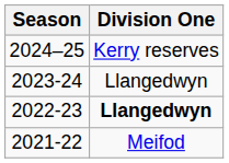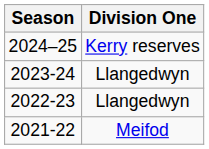 <table class="wikitable" style="text-align: center">
 <tr>
 <th>Season</th>
 <th>Division One</th>
 </tr>
 <tr>
 <td>2024–25</td>
 <td><a href='#'>Kerry</a> reserves</td>
 </tr>
 <tr>
 <td>2023-24</td>
 <td>Llangedwyn</td>
 </tr>
 <tr>
 <td>2022-23</td>
-<td><strong>Llangedwyn</strong></td>
+<td>Llangedwyn</td>
 </tr>
 <tr>
 <td>2021-22</td>
 <td><a href='#'>Meifod</a></td>
 </tr>
 </table>
